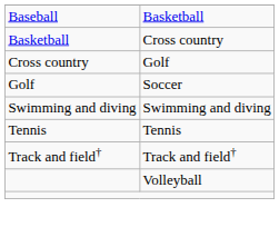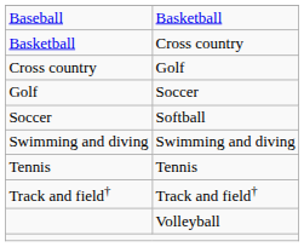 <table class="wikitable" style= "">
 <tr>
 </tr>
 <tr>
 <td><a href='#'>Baseball</a></td>
 <td><a href='#'>Basketball</a></td>
 </tr>
 <tr>
 <td><a href='#'>Basketball</a></td>
 <td>Cross country</td>
 </tr>
 <tr>
 <td>Cross country</td>
 <td>Golf</td>
 </tr>
 <tr>
 <td>Golf</td>
 <td>Soccer</td>
+</tr>
+<tr>
+<td>Soccer</td>
+<td>Softball</td>
 </tr>
 <tr>
 <td>Swimming and diving</td>
 <td>Swimming and diving</td>
 </tr>
 <tr>
 <td>Tennis</td>
 <td>Tennis</td>
 </tr>
 <tr>
 <td>Track and field<sup>†</sup></td>
 <td>Track and field<sup>†</sup></td>
 </tr>
 <tr>
 <td></td>
 <td>Volleyball</td>
 </tr>
 <tr>
 <td colspan="2"></td>
 </tr>
 </table>
